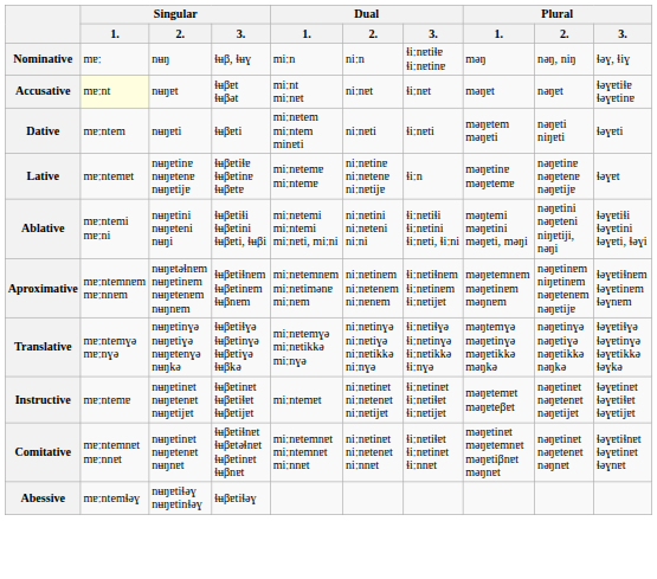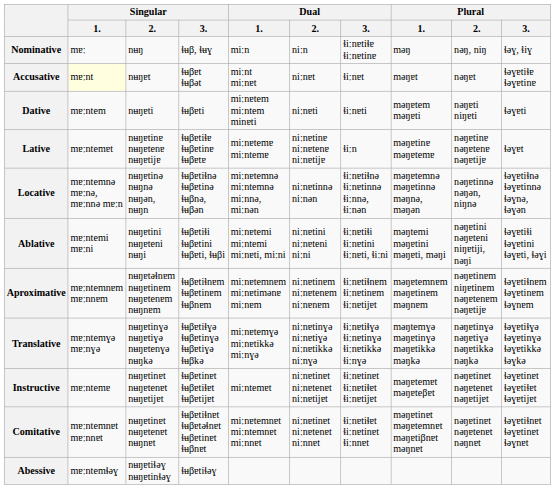 <table class="wikitable">
 <tr>
 <th rowspan="2"></th>
 <th colspan="3">Singular</th>
 <th colspan="3">Dual</th>
 <th colspan="3">Plural</th>
 </tr>
 <tr>
 <th>1.</th>
 <th>2.</th>
 <th>3.</th>
 <th>1.</th>
 <th>2.</th>
 <th>3.</th>
 <th>1.</th>
 <th>2.</th>
 <th>3.</th>
 </tr>
 <tr>
 <th>Nominative</th>
 <td>mɐː</td>
 <td>nʉŋ</td>
 <td>ɬʉβ, ɬʉɣ</td>
 <td>miːn</td>
 <td>niːn</td>
 <td>ɬiːnɐtiɬɐ<br>ɬiːnɐtinɐ</td>
 <td>məŋ</td>
 <td>nəŋ, niŋ</td>
 <td>ɬəɣ, ɬiɣ</td>
 </tr>
 <tr>
 <th>Accusative</th>
 <td style="background: lightyellow;">mɐːnt</td>
 <td>nʉŋɐt</td>
 <td>ɬʉβɐt<br>ɬʉβət</td>
 <td>miːnt<br>miːnɐt</td>
 <td>niːnɐt</td>
 <td>ɬiːnɐt</td>
 <td>məŋɐt</td>
 <td>nəŋɐt</td>
 <td>ɬəɣɐtiɬɐ<br>ɬəɣɐtinɐ</td>
 </tr>
 <tr>
 <th>Dative</th>
 <td>mɐːntem</td>
 <td>nʉŋɐti</td>
 <td>ɬʉβɐti</td>
 <td>miːnɐtem<br>miːntem minɐti</td>
 <td>niːnɐti</td>
 <td>ɬiːnɐti</td>
 <td>məŋɐtem<br>məŋɐti</td>
 <td>nəŋɐti<br>niŋɐti</td>
 <td>ɬəɣɐti</td>
 </tr>
 <tr>
 <th>Lative</th>
 <td>mɐːntemɐt</td>
 <td>nʉŋɐtinɐ<br>nʉŋɐtenɐ nʉŋɐtijɐ</td>
 <td>ɬʉβɐtiɬɐ<br>ɬʉβɐtinɐ ɬʉβɐtɐ</td>
 <td>miːnɐtemɐ<br>miːntemɐ</td>
 <td>niːnɐtinɐ<br>niːnɐtenɐ niːnɐtijɐ</td>
 <td>ɬiːn</td>
 <td>məŋɐtinɐ<br>məŋɐtemɐ</td>
 <td>nəŋɐtinɐ<br>nəŋɐtenɐ nəŋɐtijɐ</td>
 <td>ɬəɣɐt</td>
+</tr>
+<tr>
+<th>Locative</th>
+<td>mɐːntemnə<br>mɐːnə, mɐːnnə mɐːn</td>
+<td>nʉŋɐtinə<br>nʉŋnə nʉŋən, nʉŋn</td>
+<td>ɬʉβɐtiɬnə<br>ɬʉβɐtinə ɬʉβnə, ɬʉβən</td>
+<td>miːnɐtemnə<br>miːntemnə miːnnə, miːnən</td>
+<td>niːnɐtinnə<br>niːnən</td>
+<td>ɬiːnɐtiɬnə<br>ɬiːnɐtinnə ɬiːnnə, ɬiːnən</td>
+<td>məŋɐtemnə<br>məŋɐtinnə məŋnə, məŋən</td>
+<td>nəŋɐtinnə<br>nəŋən, niŋnə</td>
+<td>ɬəɣɐtiɬnə<br>ɬəɣɐtinnə ɬəɣnə, ɬəɣən</td>
 </tr>
 <tr>
 <th>Ablative</th>
 <td>mɐːntemi<br>mɐːni</td>
 <td>nʉŋɐtini<br>nʉŋɐteni  nʉŋi</td>
 <td>ɬʉβɐtiɬi<br>ɬʉβɐtini  ɬʉβɐti, ɬʉβi</td>
 <td>miːnɐtemi<br>miːntemi  miːnɐti, miːni</td>
 <td>niːnɐtini<br>niːnɐteni  niːni</td>
 <td>ɬiːnɐtiɬi<br>ɬiːnɐtini  ɬiːnɐti, ɬiːni</td>
 <td>məŋtemi<br>məŋɐtini  məŋɐti, məŋi</td>
 <td>nəŋɐtini<br>nəŋɐteni  niŋɐtiji, nəŋi</td>
 <td>ɬəɣɐtiɬi<br>ɬəɣɐtini  ɬəɣɐti, ɬəɣi</td>
 </tr>
 <tr>
 <th>Aproximative</th>
 <td>mɐːntemnɐm<br>mɐːnnɐm</td>
 <td>nʉŋɐtəɬnɐm<br>nʉŋɐtinɐm  nʉŋɐtenɐm  nʉŋnɐm</td>
 <td>ɬʉβɐtiɬnɐm<br>ɬʉβɐtinɐm  ɬʉβnɐm</td>
 <td>miːnɐtemnɐm<br>miːnɐtimənɐ  miːnɐm</td>
 <td>niːnɐtinɐm<br>niːnɐtenɐm  niːnɐnɐm</td>
 <td>ɬiːnɐtiɬnɐm<br>ɬiːnɐtinɐm  ɬiːnɐtijɐt</td>
 <td>məŋɐtemnɐm<br>məŋɐtinɐm  məŋnɐm</td>
 <td>nəŋɐtinɐm<br>niŋɐtinɐm  nəŋɐtenɐm  nəŋɐtijɐ</td>
 <td>ɬəɣɐtiɬnɐm<br>ɬəɣɐtinɐm  ɬəɣnɐm</td>
 </tr>
 <tr>
 <th>Translative</th>
 <td>mɐːntemɣə<br>mɐːnɣə</td>
 <td>nʉŋɐtinɣə<br>nʉŋɐtiɣə  nʉŋɐtenɣə  nʉŋkə</td>
 <td>ɬʉβɐtiɬɣə<br>ɬʉβɐtinɣə  ɬʉβɐtiɣə  ɬʉβkə</td>
 <td>miːnɐtemɣə miːnɐtikkə miːnɣə</td>
 <td>niːnɐtinɣə niːnɐtiɣə niːnɐtikkə niːnɣə</td>
 <td>ɬiːnɐtiɬɣə ɬiːnɐtinɣə ɬiːnɐtikkə ɬiːnɣə</td>
 <td>məŋtemɣə məŋɐtinɣə məŋɐtikkə məŋkə</td>
 <td>nəŋɐtinɣə nəŋɐtiɣə nəŋɐtikkə nəŋkə</td>
 <td>ɬəɣɐtiɬɣə ɬəɣɐtinɣə ɬəɣɐtikkə ɬəɣkə</td>
 </tr>
 <tr>
 <th>Instructive</th>
 <td>mɐːntemɐ</td>
 <td>nʉŋɐtinɐt nʉŋɐtenɐt nʉŋɐtijɐt</td>
 <td>ɬʉβɐtinɐt ɬʉβɐtiɬɐt ɬʉβɐtijɐt</td>
 <td>miːntemɐt</td>
 <td>niːnɐtinɐt niːnɐtenɐt niːnɐtijɐt</td>
 <td>ɬiːnɐtinɐt ɬiːnɐtiɬɐt ɬiːnɐtijɐt</td>
 <td>məŋɐtemɐt məŋɐteβɐt</td>
 <td>nəŋɐtinɐt nəŋɐtenɐt nəŋɐtijɐt</td>
 <td>ɬəɣɐtinɐt ɬəɣɐtiɬɐt ɬəɣɐtijɐt</td>
 </tr>
 <tr>
 <th>Comitative</th>
 <td>mɐːntemnɐt mɐːnnɐt</td>
 <td>nʉŋɐtinɐt nʉŋɐtenɐt nʉŋnɐt</td>
 <td>ɬʉβɐtiɬnɐt ɬʉβɐtəɬnɐt ɬʉβɐtinɐt ɬʉβnɐt</td>
 <td>miːnɐtemnɐt miːntemnɐt miːnnɐt</td>
 <td>niːnɐtinɐt niːnɐtenɐt niːnnɐt</td>
 <td>ɬiːnɐtiɬɐt ɬiːnɐtinɐt ɬiːnnɐt</td>
 <td>məŋɐtinɐt məŋɐtemnɐt məŋɐtiβnɐt məŋnɐt</td>
 <td>nəŋɐtinɐt nəŋɐtenɐt nəŋnɐt</td>
 <td>ɬəɣɐtiɬnɐt ɬəɣɐtinɐt ɬəɣnɐt</td>
 </tr>
 <tr>
 <th>Abessive</th>
 <td>mɐːntemɬəɣ</td>
 <td>nʉŋɐtiɬəɣ nʉŋɐtinɬəɣ</td>
 <td>ɬʉβɐtiɬəɣ</td>
 <td></td>
 <td></td>
 <td></td>
 <td></td>
 <td></td>
 <td></td>
 </tr>
 </table>
